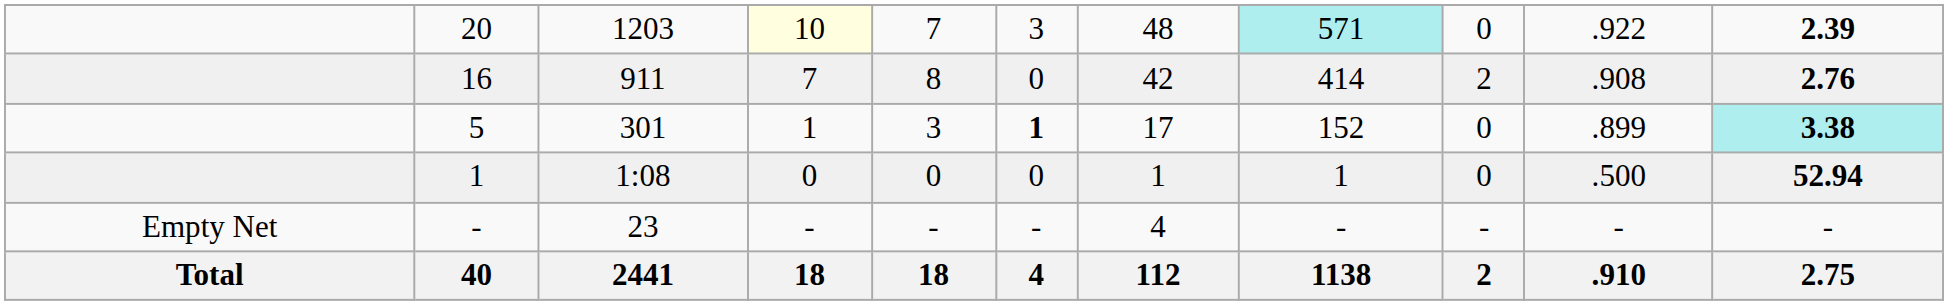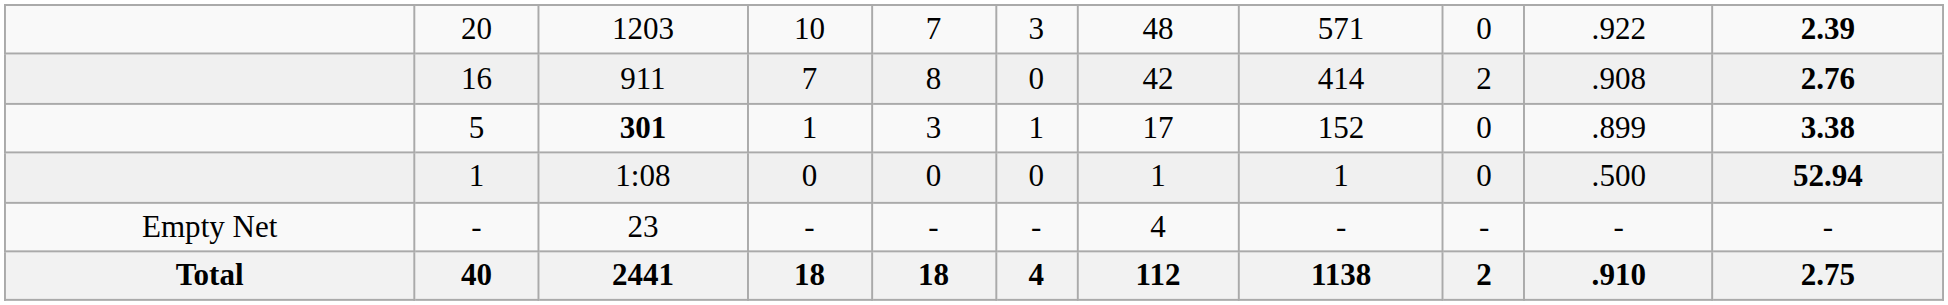 <table class="wikitable sortable" width ="1000">
 <tr align="center">
 </tr>
 <tr align="center">
 <td></td>
 <td>20</td>
 <td>1203</td>
-<td style="background: lightyellow;">10</td>
+<td>10</td>
 <td>7</td>
 <td>3</td>
 <td>48</td>
-<td style="background: paleturquoise;">571</td>
+<td>571</td>
 <td>0</td>
 <td>.922</td>
 <td><strong>2.39</strong></td>
 </tr>
 <tr align="center" bgcolor="f0f0f0">
 <td></td>
 <td>16</td>
 <td>911</td>
 <td>7</td>
 <td>8</td>
 <td>0</td>
 <td>42</td>
 <td>414</td>
 <td>2</td>
 <td>.908</td>
 <td><strong>2.76</strong></td>
 </tr>
 <tr align="center">
 <td></td>
 <td>5</td>
-<td>301</td>
+<td><strong>301</strong></td>
 <td>1</td>
 <td>3</td>
-<td><strong>1</strong></td>
+<td>1</td>
 <td>17</td>
 <td>152</td>
 <td>0</td>
 <td>.899</td>
-<td style="background: paleturquoise;"><strong>3.38</strong></td>
+<td><strong>3.38</strong></td>
 </tr>
 <tr align="center" bgcolor="f0f0f0">
 <td></td>
 <td>1</td>
 <td>1:08</td>
 <td>0</td>
 <td>0</td>
 <td>0</td>
 <td>1</td>
 <td>1</td>
 <td>0</td>
 <td>.500</td>
 <td><strong>52.94</strong></td>
 </tr>
 <tr align="center" bgcolor="">
 <td>Empty Net</td>
 <td>-</td>
 <td>23</td>
 <td>-</td>
 <td>-</td>
 <td>-</td>
 <td>4</td>
 <td>-</td>
 <td>-</td>
 <td>-</td>
 <td>-</td>
 </tr>
 <tr>
 <th>Total</th>
 <th>40</th>
 <th>2441</th>
 <th>18</th>
 <th>18</th>
 <th>4</th>
 <th>112</th>
 <th>1138</th>
 <th>2</th>
 <th>.910</th>
 <th>2.75</th>
 </tr>
 </table>
